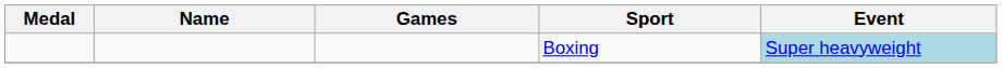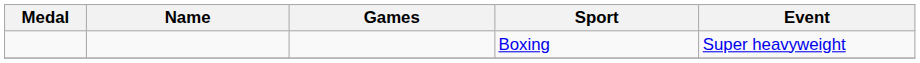 <table class="wikitable sortable">
 <tr>
 <th style="width:5em">Medal</th>
 <th style="width:15em">Name</th>
 <th style="width:15em">Games</th>
 <th style="width:15em">Sport</th>
 <th style="width:15em">Event</th>
 </tr>
 <tr>
 <td></td>
 <td></td>
 <td></td>
 <td> <a href='#'>Boxing</a></td>
-<td style="background: lightblue;"><a href='#'>Super heavyweight</a></td>
+<td><a href='#'>Super heavyweight</a></td>
 </tr>
 <tr>
 </tr>
 </table>
